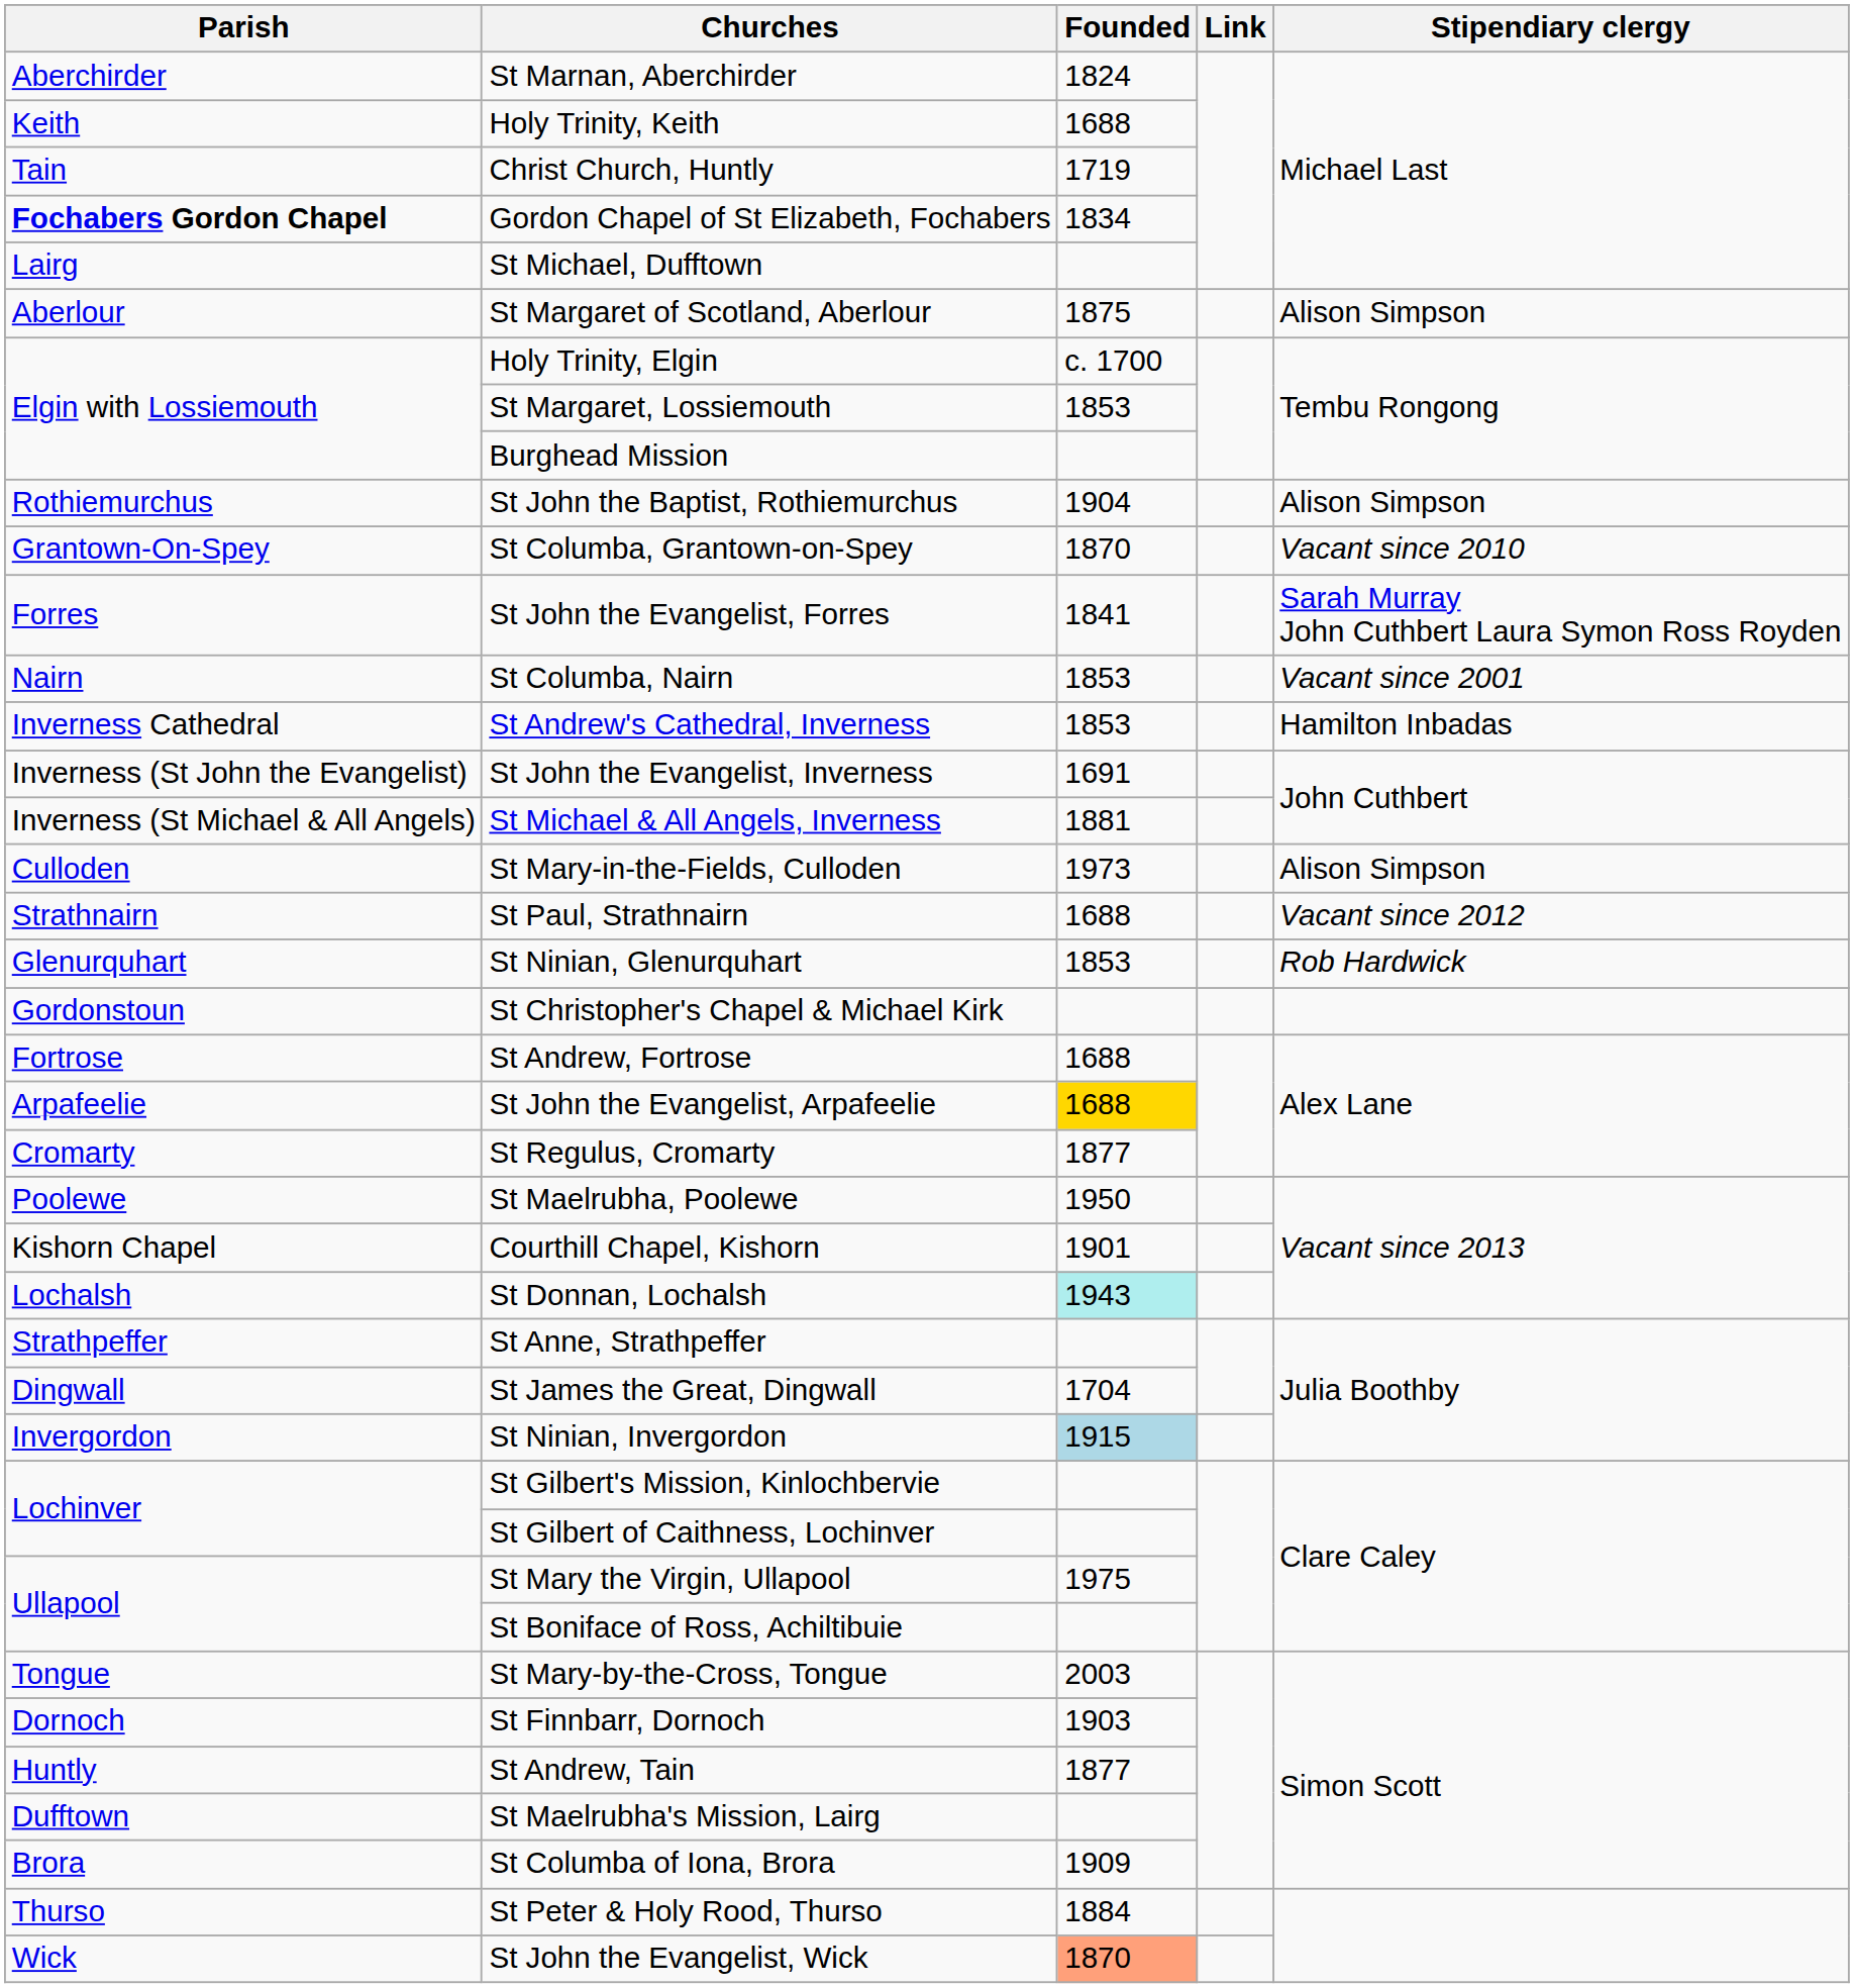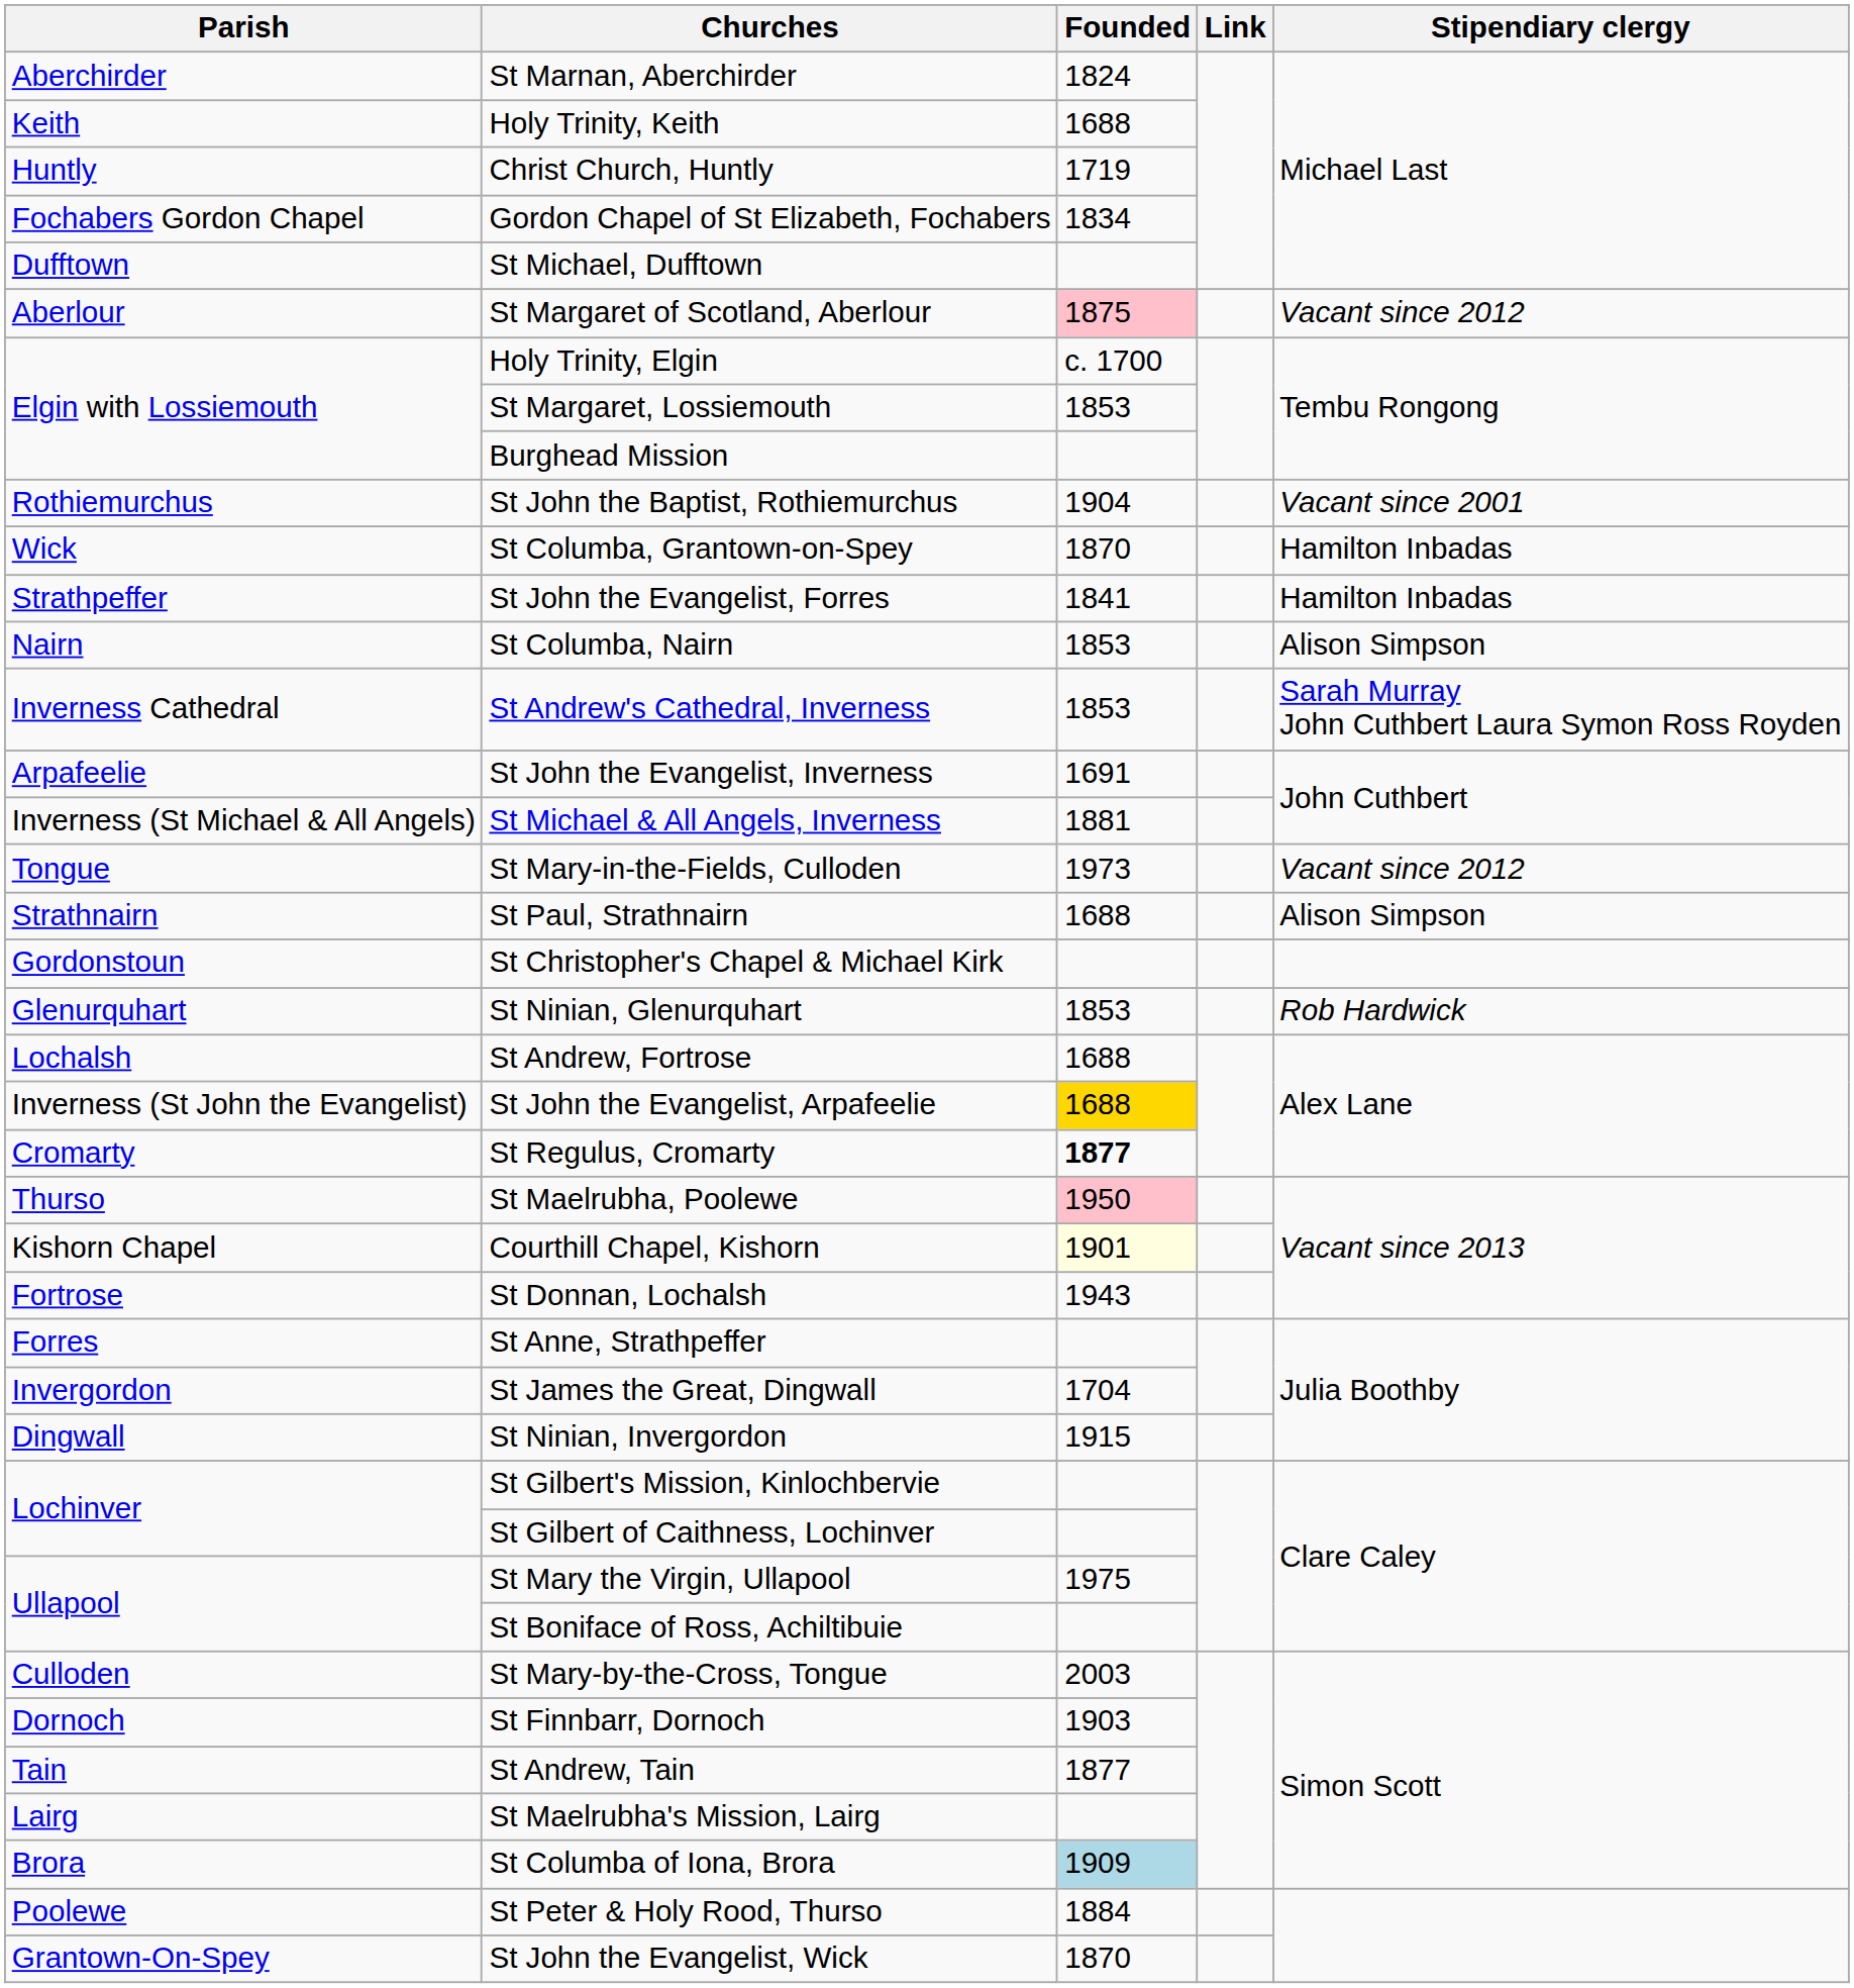 <table class="wikitable">
 <tr>
 <th>Parish</th>
 <th>Churches</th>
 <th>Founded</th>
 <th>Link</th>
 <th>Stipendiary clergy</th>
 </tr>
 <tr>
 <td><a href='#'>Aberchirder</a></td>
 <td>St Marnan, Aberchirder</td>
 <td>1824</td>
 <td rowspan="5"></td>
 <td rowspan="5">Michael Last</td>
 </tr>
 <tr>
 <td><a href='#'>Keith</a></td>
 <td>Holy Trinity, Keith</td>
 <td>1688</td>
 </tr>
 <tr>
-<td><a href='#'>Tain</a></td>
+<td><a href='#'>Huntly</a></td>
 <td>Christ Church, Huntly</td>
 <td>1719</td>
 </tr>
 <tr>
-<td><strong><a href='#'>Fochabers</a> Gordon Chapel</strong></td>
+<td><a href='#'>Fochabers</a> Gordon Chapel</td>
 <td>Gordon Chapel of St Elizabeth, Fochabers</td>
 <td>1834</td>
 </tr>
 <tr>
-<td><a href='#'>Lairg</a></td>
+<td><a href='#'>Dufftown</a></td>
 <td>St Michael, Dufftown</td>
 <td></td>
 </tr>
 <tr>
 <td><a href='#'>Aberlour</a></td>
 <td>St Margaret of Scotland, Aberlour</td>
-<td>1875</td>
+<td style="background: pink;">1875</td>
 <td></td>
-<td>Alison Simpson</td>
+<td><em>Vacant since 2012</em></td>
 </tr>
 <tr>
 <td rowspan="3"><a href='#'>Elgin</a> with <a href='#'>Lossiemouth</a></td>
 <td>Holy Trinity, Elgin</td>
 <td>c. 1700</td>
 <td rowspan="3"></td>
 <td rowspan="3">Tembu Rongong</td>
 </tr>
 <tr>
 <td>St Margaret, Lossiemouth</td>
 <td>1853</td>
 </tr>
 <tr>
 <td>Burghead Mission</td>
 <td></td>
 </tr>
 <tr>
 <td><a href='#'>Rothiemurchus</a></td>
 <td>St John the Baptist, Rothiemurchus</td>
 <td>1904</td>
 <td></td>
-<td>Alison Simpson<br></td>
+<td><em>Vacant since 2001</em></td>
 </tr>
 <tr>
-<td><a href='#'>Grantown-On-Spey</a></td>
+<td><a href='#'>Wick</a></td>
 <td>St Columba, Grantown-on-Spey</td>
 <td>1870</td>
 <td></td>
-<td><em>Vacant since 2010</em></td>
+<td>Hamilton Inbadas</td>
 </tr>
 <tr>
-<td><a href='#'>Forres</a></td>
+<td><a href='#'>Strathpeffer</a></td>
 <td>St John the Evangelist, Forres</td>
 <td>1841</td>
 <td></td>
-<td><a href='#'>Sarah Murray</a><br>John Cuthbert Laura Symon Ross Royden<br></td>
+<td>Hamilton Inbadas</td>
 </tr>
 <tr>
 <td><a href='#'>Nairn</a></td>
 <td>St Columba, Nairn</td>
 <td>1853</td>
 <td></td>
-<td><em>Vacant since 2001</em></td>
+<td>Alison Simpson<br></td>
 </tr>
 <tr>
 <td><a href='#'>Inverness</a> Cathedral</td>
 <td><a href='#'>St Andrew's Cathedral, Inverness</a></td>
 <td>1853</td>
 <td></td>
-<td>Hamilton Inbadas</td>
+<td><a href='#'>Sarah Murray</a><br>John Cuthbert Laura Symon Ross Royden<br></td>
 </tr>
 <tr>
-<td>Inverness (St John the Evangelist)</td>
+<td><a href='#'>Arpafeelie</a></td>
 <td>St John the Evangelist, Inverness</td>
 <td>1691</td>
 <td></td>
 <td rowspan="2">John Cuthbert</td>
 </tr>
 <tr>
 <td>Inverness (St Michael & All Angels)</td>
 <td><a href='#'>St Michael & All Angels, Inverness</a></td>
 <td>1881</td>
 <td></td>
 </tr>
 <tr>
-<td><a href='#'>Culloden</a></td>
+<td><a href='#'>Tongue</a></td>
 <td>St Mary-in-the-Fields, Culloden</td>
 <td>1973</td>
 <td></td>
-<td>Alison Simpson</td>
+<td><em>Vacant since 2012</em></td>
 </tr>
 <tr>
 <td><a href='#'>Strathnairn</a></td>
 <td>St Paul, Strathnairn</td>
 <td>1688</td>
 <td></td>
-<td><em>Vacant since 2012</em></td>
+<td>Alison Simpson</td>
+</tr>
+<tr>
+<td><a href='#'>Gordonstoun</a></td>
+<td>St Christopher's Chapel & Michael Kirk</td>
+<td></td>
+<td></td>
+<td></td>
 </tr>
 <tr>
 <td><a href='#'>Glenurquhart</a></td>
 <td>St Ninian, Glenurquhart</td>
 <td>1853</td>
 <td></td>
 <td><em>Rob Hardwick</em></td>
 </tr>
 <tr>
-<td><a href='#'>Gordonstoun</a></td>
-<td>St Christopher's Chapel & Michael Kirk</td>
-<td></td>
-<td></td>
-<td></td>
-</tr>
-<tr>
-<td><a href='#'>Fortrose</a></td>
+<td><a href='#'>Lochalsh</a></td>
 <td>St Andrew, Fortrose</td>
 <td>1688</td>
 <td rowspan="3"></td>
 <td rowspan="3">Alex Lane</td>
 </tr>
 <tr>
-<td><a href='#'>Arpafeelie</a></td>
+<td>Inverness (St John the Evangelist)</td>
 <td>St John the Evangelist, Arpafeelie</td>
 <td style="background: gold;">1688</td>
 </tr>
 <tr>
 <td><a href='#'>Cromarty</a></td>
 <td>St Regulus, Cromarty</td>
-<td>1877</td>
+<td><strong>1877</strong></td>
 </tr>
 <tr>
-<td><a href='#'>Poolewe</a></td>
+<td><a href='#'>Thurso</a></td>
 <td>St Maelrubha, Poolewe</td>
-<td>1950</td>
+<td style="background: pink;">1950</td>
 <td></td>
 <td rowspan="3"><em>Vacant since 2013</em></td>
 </tr>
 <tr>
 <td>Kishorn Chapel</td>
 <td>Courthill Chapel, Kishorn</td>
-<td>1901</td>
+<td style="background: lightyellow;">1901</td>
 <td></td>
 </tr>
 <tr>
-<td><a href='#'>Lochalsh</a></td>
+<td><a href='#'>Fortrose</a></td>
 <td>St Donnan, Lochalsh</td>
-<td style="background: paleturquoise;">1943</td>
+<td>1943</td>
 <td></td>
 </tr>
 <tr>
-<td><a href='#'>Strathpeffer</a></td>
+<td><a href='#'>Forres</a></td>
 <td>St Anne, Strathpeffer</td>
 <td></td>
 <td rowspan="2"></td>
 <td rowspan="3">Julia Boothby</td>
 </tr>
 <tr>
-<td><a href='#'>Dingwall</a></td>
+<td><a href='#'>Invergordon</a></td>
 <td>St James the Great, Dingwall</td>
 <td>1704</td>
 </tr>
 <tr>
-<td><a href='#'>Invergordon</a></td>
+<td><a href='#'>Dingwall</a></td>
 <td>St Ninian, Invergordon</td>
-<td style="background: lightblue;">1915</td>
+<td>1915</td>
 <td></td>
 </tr>
 <tr>
 <td rowspan="2"><a href='#'>Lochinver</a></td>
 <td>St Gilbert's Mission, Kinlochbervie</td>
 <td></td>
 <td rowspan="4"></td>
 <td rowspan="4">Clare Caley</td>
 </tr>
 <tr>
 <td>St Gilbert of Caithness, Lochinver</td>
 <td></td>
 </tr>
 <tr>
 <td rowspan="2"><a href='#'>Ullapool</a></td>
 <td>St Mary the Virgin, Ullapool</td>
 <td>1975</td>
 </tr>
 <tr>
 <td>St Boniface of Ross, Achiltibuie</td>
 <td></td>
 </tr>
 <tr>
-<td><a href='#'>Tongue</a></td>
+<td><a href='#'>Culloden</a></td>
 <td>St Mary-by-the-Cross, Tongue</td>
 <td>2003</td>
 <td rowspan="5"></td>
 <td rowspan="5"><br>Simon Scott</td>
 </tr>
 <tr>
 <td><a href='#'>Dornoch</a></td>
 <td>St Finnbarr, Dornoch</td>
 <td>1903</td>
 </tr>
 <tr>
-<td><a href='#'>Huntly</a></td>
+<td><a href='#'>Tain</a></td>
 <td>St Andrew, Tain</td>
 <td>1877</td>
 </tr>
 <tr>
-<td><a href='#'>Dufftown</a></td>
+<td><a href='#'>Lairg</a></td>
 <td>St Maelrubha's Mission, Lairg</td>
 <td></td>
 </tr>
 <tr>
 <td><a href='#'>Brora</a></td>
 <td>St Columba of Iona, Brora</td>
-<td>1909</td>
+<td style="background: lightblue;">1909</td>
 </tr>
 <tr>
-<td><a href='#'>Thurso</a></td>
+<td><a href='#'>Poolewe</a></td>
 <td>St Peter & Holy Rood, Thurso</td>
 <td>1884</td>
 <td></td>
 <td rowspan="2"></td>
 </tr>
 <tr>
-<td><a href='#'>Wick</a></td>
+<td><a href='#'>Grantown-On-Spey</a></td>
 <td>St John the Evangelist, Wick</td>
-<td style="background: lightsalmon;">1870</td>
+<td>1870</td>
 <td></td>
 </tr>
 </table>
